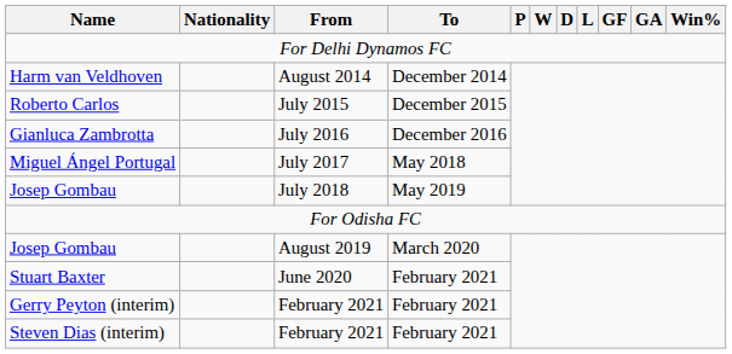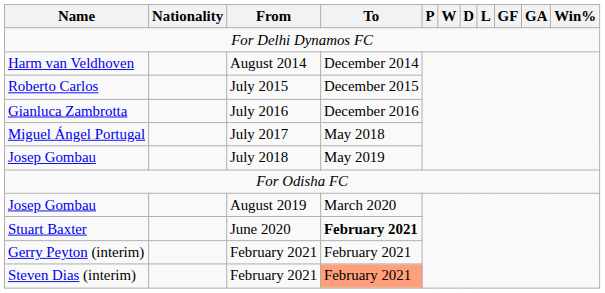 <table class="wikitable plainrowheaders sortable" style="text-align:center">
 <tr>
 <th>Name</th>
 <th>Nationality</th>
 <th>From</th>
 <th class="unsortable">To</th>
 <th>P</th>
 <th>W</th>
 <th>D</th>
 <th>L</th>
 <th>GF</th>
 <th>GA</th>
 <th>Win%</th>
 </tr>
 <tr>
 <td colspan="11"><em>For Delhi Dynamos FC</em></td>
 </tr>
 <tr>
 <td scope=row style=text-align:left><a href='#'>Harm van Veldhoven</a></td>
 <td align=left></td>
 <td align=left>August 2014</td>
 <td align=left>December 2014<br></td>
 </tr>
 <tr>
 <td scope=row style=text-align:left><a href='#'>Roberto Carlos</a></td>
 <td align=left></td>
 <td align=left>July 2015</td>
 <td align=left>December 2015<br></td>
 </tr>
 <tr>
 <td scope=row style=text-align:left><a href='#'>Gianluca Zambrotta</a></td>
 <td align=left></td>
 <td align=left>July 2016</td>
 <td align=left>December 2016<br></td>
 </tr>
 <tr>
 <td scope=row style=text-align:left><a href='#'>Miguel Ángel Portugal</a></td>
 <td align=left></td>
 <td align=left>July 2017</td>
 <td align=left>May 2018<br></td>
 </tr>
 <tr>
 <td scope=row style=text-align:left><a href='#'>Josep Gombau</a></td>
 <td align=left></td>
 <td align=left>July 2018</td>
 <td align=left>May 2019<br></td>
 </tr>
 <tr>
 <td colspan="11"><em>For Odisha FC</em></td>
 </tr>
 <tr>
 <td scope=row style=text-align:left><a href='#'>Josep Gombau</a></td>
 <td align=left></td>
 <td align=left>August 2019</td>
 <td align=left>March 2020<br></td>
 </tr>
 <tr>
 <td scope=row style=text-align:left><a href='#'>Stuart Baxter</a></td>
 <td align=left></td>
 <td align=left>June 2020</td>
-<td align=left>February 2021<br></td>
+<td align=left><strong>February 2021<br></strong></td>
 </tr>
 <tr>
 <td scope=row style=text-align:left><a href='#'>Gerry Peyton</a> (interim)</td>
 <td align=left></td>
 <td align=left>February 2021</td>
 <td align=left>February 2021<br></td>
 </tr>
 <tr>
 <td scope=row style=text-align:left><a href='#'>Steven Dias</a> (interim)</td>
 <td align=left></td>
 <td align=left>February 2021</td>
-<td align=left>February 2021<br></td>
+<td align=left style="background: lightsalmon;">February 2021<br></td>
 </tr>
 </table>
